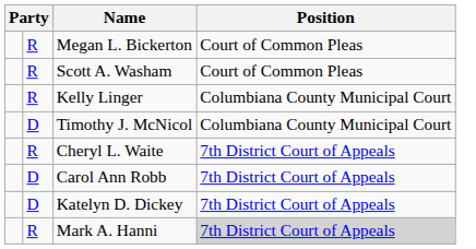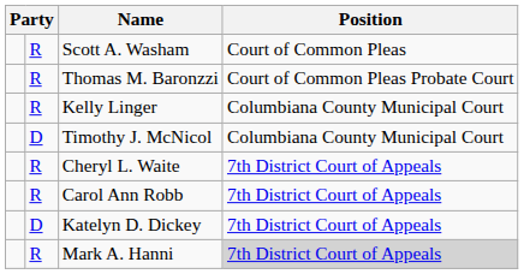 <table class=wikitable>
 <tr>
 <th colspan="2" style="text-align:center; vertical-align:bottom;">Party</th>
 <th style="text-align:center;">Name</th>
 <th valign=bottom>Position</th>
 </tr>
 <tr>
 <td style="background-color:"> </td>
 <td><a href='#'>R</a></td>
-<td>Megan L. Bickerton</td>
+<td>Scott A. Washam</td>
 <td>Court of Common Pleas</td>
 </tr>
 <tr>
 <td style="background-color:"> </td>
 <td><a href='#'>R</a></td>
-<td>Scott A. Washam</td>
-<td>Court of Common Pleas</td>
+<td>Thomas M. Baronzzi</td>
+<td>Court of Common Pleas Probate Court</td>
 </tr>
 <tr>
 <td style="background-color:"> </td>
 <td><a href='#'>R</a></td>
 <td>Kelly Linger</td>
 <td>Columbiana County Municipal Court</td>
 </tr>
 <tr>
 <td style="background-color:"> </td>
 <td><a href='#'>D</a></td>
 <td>Timothy J. McNicol</td>
 <td>Columbiana County Municipal Court</td>
 </tr>
 <tr>
 <td style="background-color:"> </td>
 <td><a href='#'>R</a></td>
 <td>Cheryl L. Waite</td>
 <td><a href='#'>7th District Court of Appeals</a></td>
 </tr>
 <tr>
 <td style="background-color:"> </td>
-<td><a href='#'>D</a></td>
+<td><a href='#'>R</a></td>
 <td>Carol Ann Robb</td>
 <td><a href='#'>7th District Court of Appeals</a></td>
 </tr>
 <tr>
 <td style="background-color:"> </td>
 <td><a href='#'>D</a></td>
 <td>Katelyn D. Dickey</td>
 <td><a href='#'>7th District Court of Appeals</a></td>
 </tr>
 <tr>
 <td style="background-color:"> </td>
 <td><a href='#'>R</a></td>
 <td>Mark A. Hanni</td>
 <td style="background: lightgrey;"><a href='#'>7th District Court of Appeals</a></td>
 </tr>
 </table>
